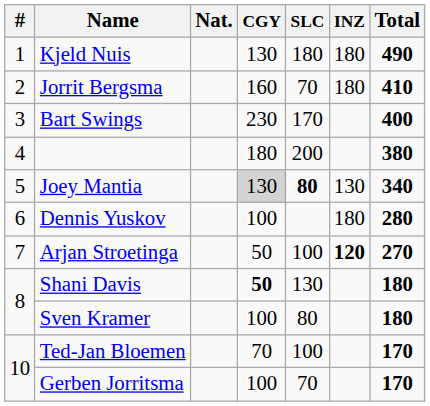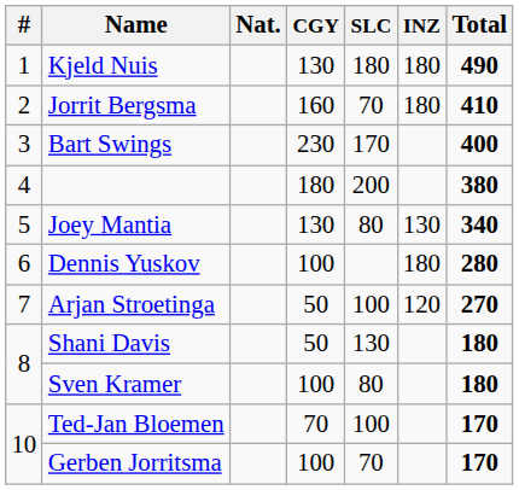 <table class="wikitable" style="text-align:center;">
 <tr>
 <th>#</th>
 <th>Name</th>
 <th>Nat.</th>
 <th><small>CGY</small></th>
 <th><small>SLC</small></th>
 <th><small>INZ</small></th>
 <th>Total</th>
 </tr>
 <tr>
 <td>1</td>
 <td align=left><a href='#'>Kjeld Nuis</a></td>
 <td></td>
 <td>130</td>
 <td>180</td>
 <td>180</td>
 <td><strong>490</strong></td>
 </tr>
 <tr>
 <td>2</td>
 <td align=left><a href='#'>Jorrit Bergsma</a></td>
 <td></td>
 <td>160</td>
 <td>70</td>
 <td>180</td>
 <td><strong>410</strong></td>
 </tr>
 <tr>
 <td>3</td>
 <td align=left><a href='#'>Bart Swings</a></td>
 <td></td>
 <td>230</td>
 <td>170</td>
 <td></td>
 <td><strong>400</strong></td>
 </tr>
 <tr>
 <td>4</td>
 <td align=left></td>
 <td></td>
 <td>180</td>
 <td>200</td>
 <td></td>
 <td><strong>380</strong></td>
 </tr>
 <tr>
 <td>5</td>
 <td align=left><a href='#'>Joey Mantia</a></td>
 <td></td>
-<td style="background: lightgrey;">130</td>
-<td><strong>80</strong></td>
+<td>130</td>
+<td>80</td>
 <td>130</td>
 <td><strong>340</strong></td>
 </tr>
 <tr>
 <td>6</td>
 <td align=left><a href='#'>Dennis Yuskov</a></td>
 <td></td>
 <td>100</td>
 <td></td>
 <td>180</td>
 <td><strong>280</strong></td>
 </tr>
 <tr>
 <td>7</td>
 <td align=left><a href='#'>Arjan Stroetinga</a></td>
 <td></td>
 <td>50</td>
 <td>100</td>
-<td><strong>120</strong></td>
+<td>120</td>
 <td><strong>270</strong></td>
 </tr>
 <tr>
 <td rowspan=2>8</td>
 <td align=left><a href='#'>Shani Davis</a></td>
 <td></td>
-<td><strong>50</strong></td>
+<td>50</td>
 <td>130</td>
 <td></td>
 <td><strong>180</strong></td>
 </tr>
 <tr>
 <td align=left><a href='#'>Sven Kramer</a></td>
 <td></td>
 <td>100</td>
 <td>80</td>
 <td></td>
 <td><strong>180</strong></td>
 </tr>
 <tr>
 <td rowspan=2>10</td>
 <td align=left><a href='#'>Ted-Jan Bloemen</a></td>
 <td></td>
 <td>70</td>
 <td>100</td>
 <td></td>
 <td><strong>170</strong></td>
 </tr>
 <tr>
 <td align=left><a href='#'>Gerben Jorritsma</a></td>
 <td></td>
 <td>100</td>
 <td>70</td>
 <td></td>
 <td><strong>170</strong></td>
 </tr>
 </table>
